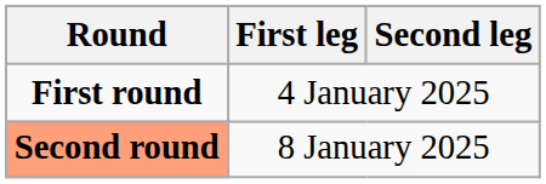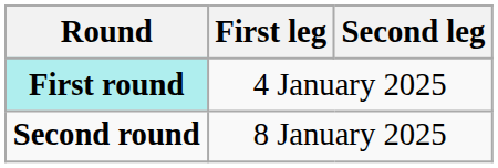 <table class=wikitable style="text-align:center; font-size:90%">
 <tr>
 <th>Round</th>
 <th>First leg</th>
 <th>Second leg</th>
 </tr>
 <tr>
-<td><strong>First round</strong></td>
+<td style="background: paleturquoise;"><strong>First round</strong></td>
 <td colspan=2>4 January 2025</td>
 </tr>
 <tr>
-<td style="background: lightsalmon;"><strong>Second round</strong></td>
+<td><strong>Second round</strong></td>
 <td colspan=2>8 January 2025</td>
 </tr>
 </table>
